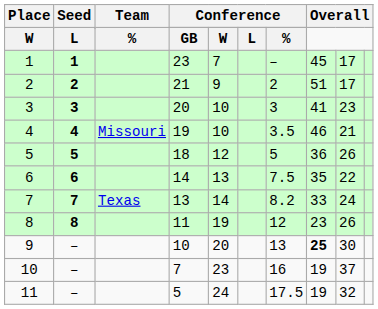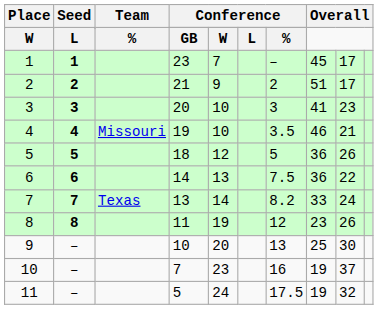 <table class="wikitable">
 <tr>
 <th rowspan ="2">Place</th>
 <th rowspan ="2">Seed</th>
 <th rowspan ="2">Team</th>
 <th colspan = "4">Conference</th>
 <th colspan = "3">Overall</th>
 </tr>
 <tr>
 </tr>
 <tr>
 <th scope="col" style="width: 20px;">W</th>
 <th scope="col" style="width: 20px;">L</th>
 <th scope="col" style="width: 30px;">%</th>
 <th scope="col" style="width: 30px;">GB</th>
 <th scope="col" style="width: 20px;">W</th>
 <th scope="col" style="width: 20px;">L</th>
 <th scope="col" style="width: 30px;">%</th>
 </tr>
 <tr bgcolor=#ccffcc>
 <td style="text-align:center;">1</td>
 <td style="text-align:center;"><strong>1</strong></td>
 <td></td>
 <td>23</td>
 <td>7</td>
 <td></td>
 <td>–</td>
 <td>45</td>
 <td>17</td>
 <td></td>
 </tr>
 <tr bgcolor=#ccffcc>
 <td style="text-align:center;">2</td>
 <td style="text-align:center;"><strong>2</strong></td>
 <td></td>
 <td>21</td>
 <td>9</td>
 <td></td>
 <td>2</td>
 <td>51</td>
 <td>17</td>
 <td></td>
 </tr>
 <tr bgcolor=#ccffcc>
 <td style="text-align:center;">3</td>
 <td style="text-align:center;"><strong>3</strong></td>
 <td></td>
 <td>20</td>
 <td>10</td>
 <td></td>
 <td>3</td>
 <td>41</td>
 <td>23</td>
 <td></td>
 </tr>
 <tr bgcolor=#ccffcc>
 <td style="text-align:center;">4</td>
 <td style="text-align:center;"><strong>4</strong></td>
 <td><a href='#'>Missouri</a></td>
 <td>19</td>
 <td>10</td>
 <td></td>
 <td>3.5</td>
 <td>46</td>
 <td>21</td>
 <td></td>
 </tr>
 <tr bgcolor=#ccffcc>
 <td style="text-align:center;">5</td>
 <td style="text-align:center;"><strong>5</strong></td>
 <td></td>
 <td>18</td>
 <td>12</td>
 <td></td>
 <td>5</td>
 <td>36</td>
 <td>26</td>
 <td></td>
 </tr>
 <tr bgcolor=#ccffcc>
 <td style="text-align:center;">6</td>
 <td style="text-align:center;"><strong>6</strong></td>
 <td></td>
 <td>14</td>
 <td>13</td>
 <td></td>
 <td>7.5</td>
-<td>35</td>
+<td>36</td>
 <td>22</td>
 <td></td>
 </tr>
 <tr bgcolor=#ccffcc>
 <td style="text-align:center;">7</td>
 <td style="text-align:center;"><strong>7</strong></td>
 <td><a href='#'>Texas</a></td>
 <td>13</td>
 <td>14</td>
 <td></td>
 <td>8.2</td>
 <td>33</td>
 <td>24</td>
 <td></td>
 </tr>
 <tr bgcolor=#ccffcc>
 <td style="text-align:center;">8</td>
 <td style="text-align:center;"><strong>8</strong></td>
 <td></td>
 <td>11</td>
 <td>19</td>
 <td></td>
 <td>12</td>
 <td>23</td>
 <td>26</td>
 <td></td>
 </tr>
 <tr>
 <td style="text-align:center;">9</td>
 <td style="text-align:center;">–</td>
 <td></td>
 <td>10</td>
 <td>20</td>
 <td></td>
 <td>13</td>
-<td><strong>25</strong></td>
+<td>25</td>
 <td>30</td>
 <td></td>
 </tr>
 <tr>
 <td style="text-align:center;">10</td>
 <td style="text-align:center;">–</td>
 <td></td>
 <td>7</td>
 <td>23</td>
 <td></td>
 <td>16</td>
 <td>19</td>
 <td>37</td>
 <td></td>
 </tr>
 <tr>
 <td style="text-align:center;">11</td>
 <td style="text-align:center;">–</td>
 <td></td>
 <td>5</td>
 <td>24</td>
 <td></td>
 <td>17.5</td>
 <td>19</td>
 <td>32</td>
 <td></td>
 </tr>
 </table>
